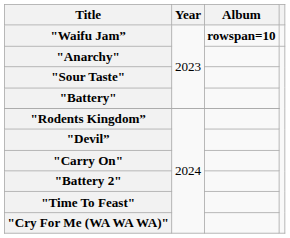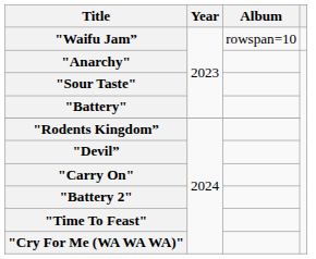 <table class="wikitable plainrowheaders">
 <tr>
 <th scope="col">Title</th>
 <th scope="col">Year</th>
 <th>Album</th>
 <th scope="col"></th>
 </tr>
 <tr>
 <th scope="row">"Waifu Jam”</th>
 <td rowspan="4”">2023</td>
-<td><strong>rowspan=10 </strong></td>
+<td>rowspan=10 </td>
 <td align="center"></td>
 </tr>
 <tr>
 <th scope="row">"Anarchy"</th>
 <td align="center"></td>
 </tr>
 <tr>
 <th scope="row">"Sour Taste"</th>
 <td align="center"></td>
 </tr>
 <tr>
 <th scope="row">"Battery"</th>
 <td align="center"></td>
 </tr>
 <tr>
 </tr>
 <tr>
 <th scope="row">"Rodents Kingdom”</th>
 <td rowspan="6”">2024</td>
 <td align="center"></td>
 </tr>
 <tr>
 <th scope="row">"Devil”</th>
 <td align="center"></td>
 </tr>
 <tr>
 <th scope="row">"Carry On"</th>
 <td align="center"></td>
 </tr>
 <tr>
 <th scope="row">"Battery 2"</th>
 <td align="center"></td>
 </tr>
 <tr>
 <th scope="row">"Time To Feast"</th>
 <td align="center"></td>
 </tr>
 <tr>
 <th scope="row">"Cry For Me (WA WA WA)"</th>
 <td align="center"></td>
 </tr>
 </table>
